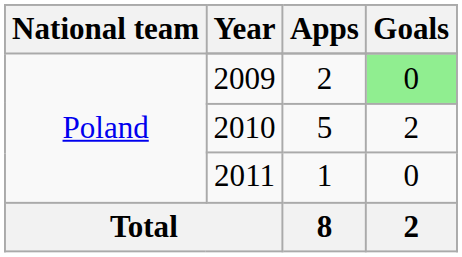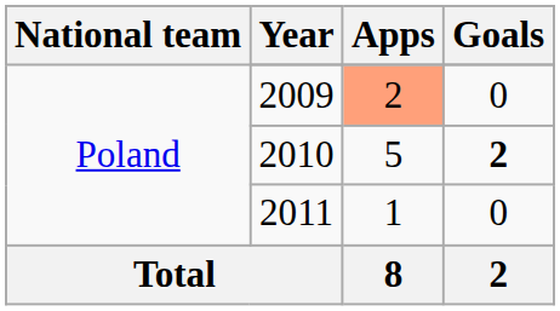 <table class="wikitable" style="text-align:center">
 <tr>
 <th>National team</th>
 <th>Year</th>
 <th>Apps</th>
 <th>Goals</th>
 </tr>
 <tr>
 <td rowspan=4><a href='#'>Poland</a></td>
 </tr>
 <tr>
 <td>2009</td>
-<td>2</td>
-<td style="background: lightgreen;">0</td>
+<td style="background: lightsalmon;">2</td>
+<td>0</td>
 </tr>
 <tr>
 <td>2010</td>
 <td>5</td>
-<td>2</td>
+<td><strong>2</strong></td>
 </tr>
 <tr>
 <td>2011</td>
 <td>1</td>
 <td>0</td>
 </tr>
 <tr>
 <th colspan="2">Total</th>
 <th>8</th>
 <th>2</th>
 </tr>
 </table>
